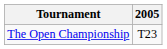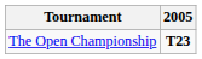 <table class="wikitable" style="font-size:95%;text-align:center;">
 <tr>
 <th>Tournament</th>
 <th>2005</th>
 </tr>
 <tr>
 <td align=left><a href='#'>The Open Championship</a></td>
-<td>T23</td>
+<td><strong>T23</strong></td>
 </tr>
 </table>
